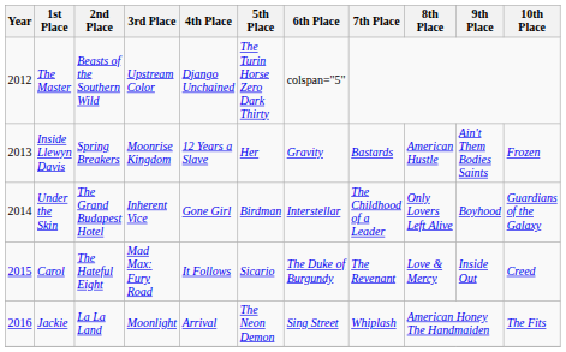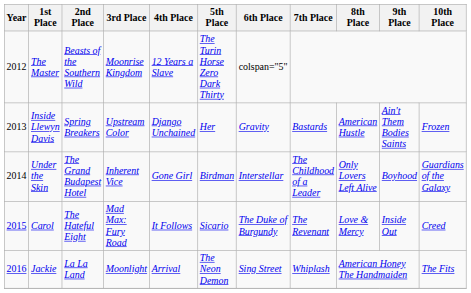 <table class="wikitable">
 <tr>
 <th scope="col" width="3%">Year</th>
 <th scope="col" width="9%">1st Place</th>
 <th scope="col" width="9%">2nd Place</th>
 <th scope="col" width="9%">3rd Place</th>
 <th scope="col" width="9%">4th Place</th>
 <th scope="col" width="9%">5th Place</th>
 <th scope="col" width="9%">6th Place</th>
 <th scope="col" width="9%">7th Place</th>
 <th scope="col" width="9%">8th Place</th>
 <th scope="col" width="9%">9th Place</th>
 <th scope="col" width="9%">10th Place</th>
 </tr>
 <tr>
 <td align="center">2012</td>
 <td><em><a href='#'>The Master</a></em><br></td>
 <td><em><a href='#'>Beasts of the Southern Wild</a></em><br></td>
-<td><em><a href='#'>Upstream Color</a></em><br></td>
-<td><em><a href='#'>Django Unchained</a></em></td>
+<td><em><a href='#'>Moonrise Kingdom</a></em><br></td>
+<td><em><a href='#'>12 Years a Slave</a></em><br></td>
 <td><em><a href='#'>The Turin Horse</a></em> <br><em><a href='#'>Zero Dark Thirty</a></em> </td>
 <td>colspan="5" </td>
 </tr>
 <tr>
 <td align="center">2013</td>
 <td><em><a href='#'>Inside Llewyn Davis</a></em><br></td>
 <td><em><a href='#'>Spring Breakers</a></em><br></td>
-<td><em><a href='#'>Moonrise Kingdom</a></em><br></td>
-<td><em><a href='#'>12 Years a Slave</a></em><br></td>
+<td><em><a href='#'>Upstream Color</a></em><br></td>
+<td><em><a href='#'>Django Unchained</a></em></td>
 <td><em><a href='#'>Her</a></em><br></td>
 <td><em><a href='#'>Gravity</a></em><br></td>
 <td><em><a href='#'>Bastards</a></em><br></td>
 <td><em><a href='#'>American Hustle</a></em><br></td>
 <td><em><a href='#'>Ain't Them Bodies Saints</a></em><br></td>
 <td><em><a href='#'>Frozen</a></em><br></td>
 </tr>
 <tr>
 <td align="center">2014</td>
 <td><em><a href='#'>Under the Skin</a></em><br></td>
 <td><em><a href='#'>The Grand Budapest Hotel</a></em><br></td>
 <td><em><a href='#'>Inherent Vice</a></em><br></td>
 <td><em><a href='#'>Gone Girl</a></em><br></td>
 <td><em><a href='#'>Birdman</a></em><br></td>
 <td><em><a href='#'>Interstellar</a></em><br></td>
 <td><em><a href='#'>The Childhood of a Leader</a></em><br></td>
 <td><em><a href='#'>Only Lovers Left Alive</a></em><br></td>
 <td><em><a href='#'>Boyhood</a></em></td>
 <td><em><a href='#'>Guardians of the Galaxy</a></em><br></td>
 </tr>
 <tr>
 <td align="center"><a href='#'>2015</a></td>
 <td><em><a href='#'>Carol</a></em><br></td>
 <td><em><a href='#'>The Hateful Eight</a></em><br></td>
 <td><em><a href='#'>Mad Max: Fury Road</a></em><br></td>
 <td><em><a href='#'>It Follows</a></em><br></td>
 <td><em><a href='#'>Sicario</a></em><br></td>
 <td><em><a href='#'>The Duke of Burgundy</a></em><br></td>
 <td><em><a href='#'>The Revenant</a></em><br></td>
 <td><em><a href='#'>Love & Mercy</a></em><br></td>
 <td><em><a href='#'>Inside Out</a></em><br></td>
 <td><em><a href='#'>Creed</a></em><br></td>
 </tr>
 <tr>
 <td align="center"><a href='#'>2016</a></td>
 <td><em><a href='#'>Jackie</a></em><br></td>
 <td><em><a href='#'>La La Land</a></em><br></td>
 <td><em><a href='#'>Moonlight</a></em><br></td>
 <td><em><a href='#'>Arrival</a></em><br></td>
 <td><em><a href='#'>The Neon Demon</a></em><br></td>
 <td><em><a href='#'>Sing Street</a></em></td>
 <td><em><a href='#'>Whiplash</a></em><br></td>
 <td colspan="2"><em><a href='#'>American Honey</a></em><br><em><a href='#'>The Handmaiden</a></em> </td>
 <td><em><a href='#'>The Fits</a></em><br></td>
 </tr>
 <tr>
 </tr>
 </table>
